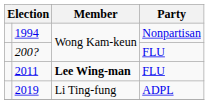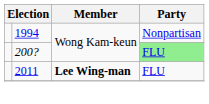 <table class="wikitable">
 <tr>
 <th colspan="2">Election</th>
 <th>Member</th>
 <th>Party</th>
 </tr>
 <tr>
 <td style="background-color:"></td>
 <td><a href='#'>1994</a></td>
 <td rowspan=2>Wong Kam-keun</td>
 <td><a href='#'>Nonpartisan</a></td>
 </tr>
 <tr>
 <td style="background-color:"></td>
 <td><em>200?</em></td>
-<td><a href='#'>FLU</a></td>
+<td style="background: lightgreen;"><a href='#'>FLU</a></td>
 </tr>
 <tr>
 <td style="background-color:"></td>
 <td><a href='#'>2011</a></td>
 <td><strong>Lee Wing-man</strong></td>
 <td><a href='#'>FLU</a></td>
 </tr>
 <tr>
-<td style="background-color:"></td>
-<td><a href='#'>2019</a></td>
-<td>Li Ting-fung</td>
-<td><a href='#'>ADPL</a></td>
-</tr>
-<tr>
 </tr>
 </table>
